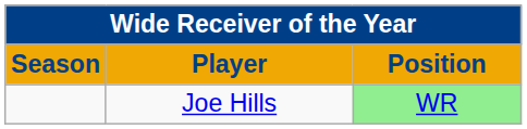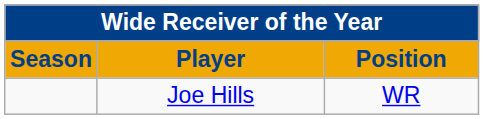 <table class="wikitable sortable" style="text-align:center">
 <tr>
 <td colspan="3" style="background:#003F87; color:#FFFFFF;"><strong>Wide Receiver of the Year</strong></td>
 </tr>
 <tr>
 <th style="width:50px; background:#F0A804; color:#003F87;">Season</th>
 <th style="width:150px; background:#F0A804; color:#003F87;">Player</th>
 <th style="width:100px; background:#F0A804; color:#003F87;">Position</th>
 </tr>
 <tr>
 <td></td>
 <td><a href='#'>Joe Hills</a></td>
-<td style="background: lightgreen;"><a href='#'>WR</a></td>
+<td><a href='#'>WR</a></td>
 </tr>
 </table>
